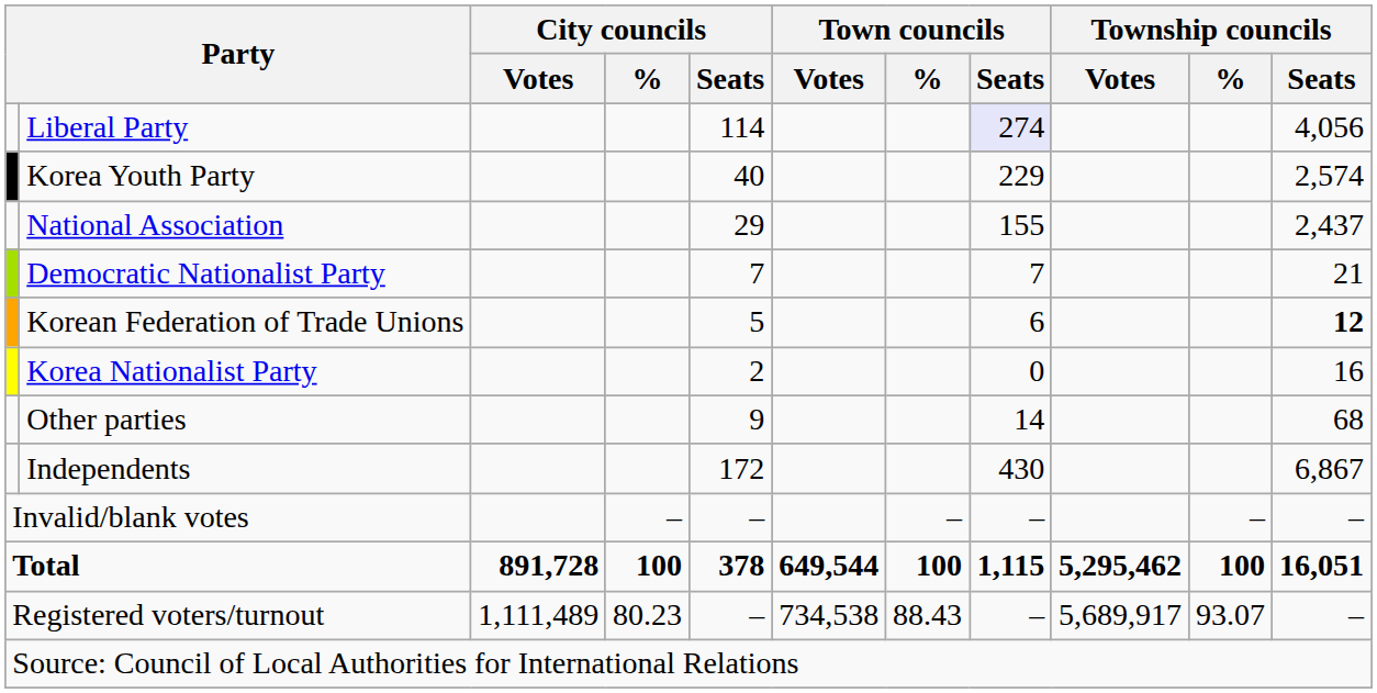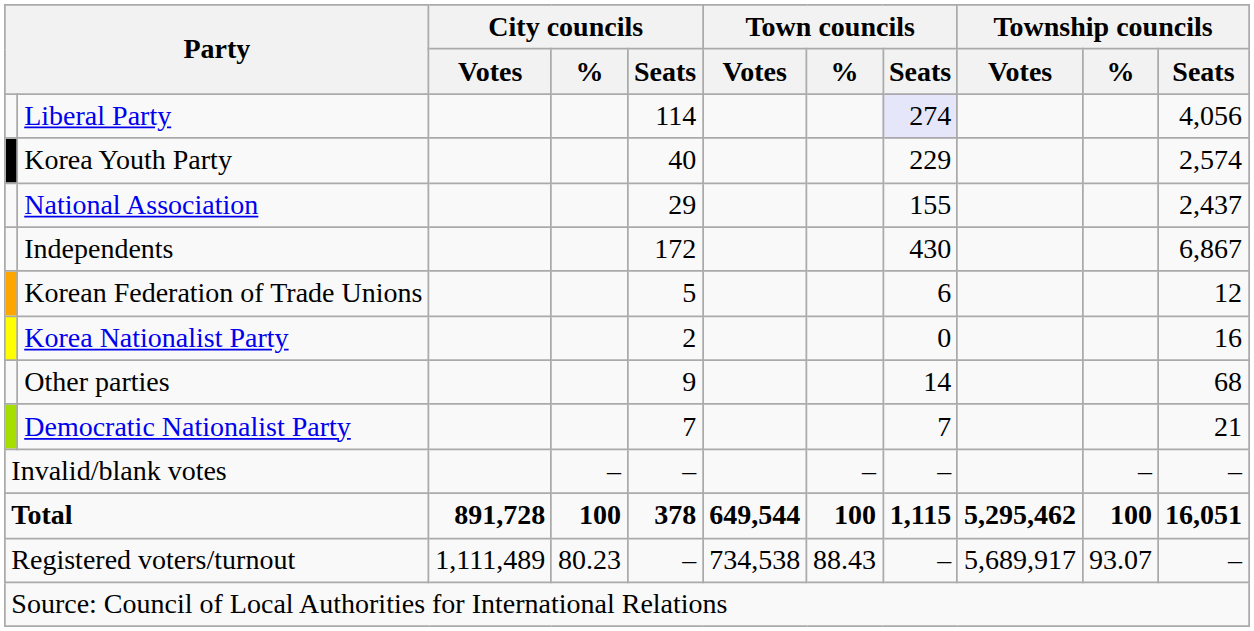 <table class="wikitable" style="text-align:right">
 <tr>
 <th colspan="2" rowspan="2">Party</th>
 <th colspan="3">City councils</th>
 <th colspan="3">Town councils</th>
 <th colspan="3">Township councils</th>
 </tr>
 <tr>
 <th>Votes</th>
 <th>%</th>
 <th>Seats</th>
 <th>Votes</th>
 <th>%</th>
 <th>Seats</th>
 <th>Votes</th>
 <th>%</th>
 <th>Seats</th>
 </tr>
 <tr>
 <td></td>
 <td align="left"><a href='#'>Liberal Party</a></td>
 <td></td>
 <td></td>
 <td>114</td>
 <td></td>
 <td></td>
 <td style="background: lavender;">274</td>
 <td></td>
 <td></td>
 <td>4,056</td>
 </tr>
 <tr>
 <td bgcolor="black"></td>
 <td align="left">Korea Youth Party</td>
 <td></td>
 <td></td>
 <td>40</td>
 <td></td>
 <td></td>
 <td>229</td>
 <td></td>
 <td></td>
 <td>2,574</td>
 </tr>
 <tr>
 <td></td>
 <td align="left"><a href='#'>National Association</a></td>
 <td></td>
 <td></td>
 <td>29</td>
 <td></td>
 <td></td>
 <td>155</td>
 <td></td>
 <td></td>
 <td>2,437</td>
 </tr>
 <tr>
-<td style="color:inherit;background:#A5DF00"></td>
-<td align="left"><a href='#'>Democratic Nationalist Party</a></td>
+<td></td>
+<td align="left">Independents</td>
 <td></td>
 <td></td>
-<td>7</td>
+<td>172</td>
 <td></td>
 <td></td>
-<td>7</td>
+<td>430</td>
 <td></td>
 <td></td>
-<td>21</td>
+<td>6,867</td>
 </tr>
 <tr>
 <td bgcolor="orange"></td>
 <td align="left">Korean Federation of Trade Unions</td>
 <td></td>
 <td></td>
 <td>5</td>
 <td></td>
 <td></td>
 <td>6</td>
 <td></td>
 <td></td>
-<td><strong>12</strong></td>
+<td>12</td>
 </tr>
 <tr>
 <td style="color:inherit;background:#FFFF00"></td>
 <td align="left"><a href='#'>Korea Nationalist Party</a></td>
 <td></td>
 <td></td>
 <td>2</td>
 <td></td>
 <td></td>
 <td>0</td>
 <td></td>
 <td></td>
 <td>16</td>
 </tr>
 <tr>
 <td></td>
 <td align="left">Other parties</td>
 <td></td>
 <td></td>
 <td>9</td>
 <td></td>
 <td></td>
 <td>14</td>
 <td></td>
 <td></td>
 <td>68</td>
 </tr>
 <tr>
-<td></td>
-<td align="left">Independents</td>
+<td style="color:inherit;background:#A5DF00"></td>
+<td align="left"><a href='#'>Democratic Nationalist Party</a></td>
 <td></td>
 <td></td>
-<td>172</td>
+<td>7</td>
 <td></td>
 <td></td>
-<td>430</td>
+<td>7</td>
 <td></td>
 <td></td>
-<td>6,867</td>
+<td>21</td>
 </tr>
 <tr>
 <td colspan="2" align="left">Invalid/blank votes</td>
 <td></td>
 <td>–</td>
 <td>–</td>
 <td></td>
 <td>–</td>
 <td>–</td>
 <td></td>
 <td>–</td>
 <td>–</td>
 </tr>
 <tr>
 <td colspan="2" align="left"><strong>Total</strong></td>
 <td><strong>891,728</strong></td>
 <td><strong>100</strong></td>
 <td><strong>378</strong></td>
 <td><strong>649,544</strong></td>
 <td><strong>100</strong></td>
 <td><strong>1,115</strong></td>
 <td><strong>5,295,462</strong></td>
 <td><strong>100</strong></td>
 <td><strong>16,051</strong></td>
 </tr>
 <tr>
 <td colspan="2" align="left">Registered voters/turnout</td>
 <td>1,111,489</td>
 <td>80.23</td>
 <td>–</td>
 <td>734,538</td>
 <td>88.43</td>
 <td>–</td>
 <td>5,689,917</td>
 <td>93.07</td>
 <td>–</td>
 </tr>
 <tr>
 <td colspan="11" align="left">Source: Council of Local Authorities for International Relations</td>
 </tr>
 </table>
